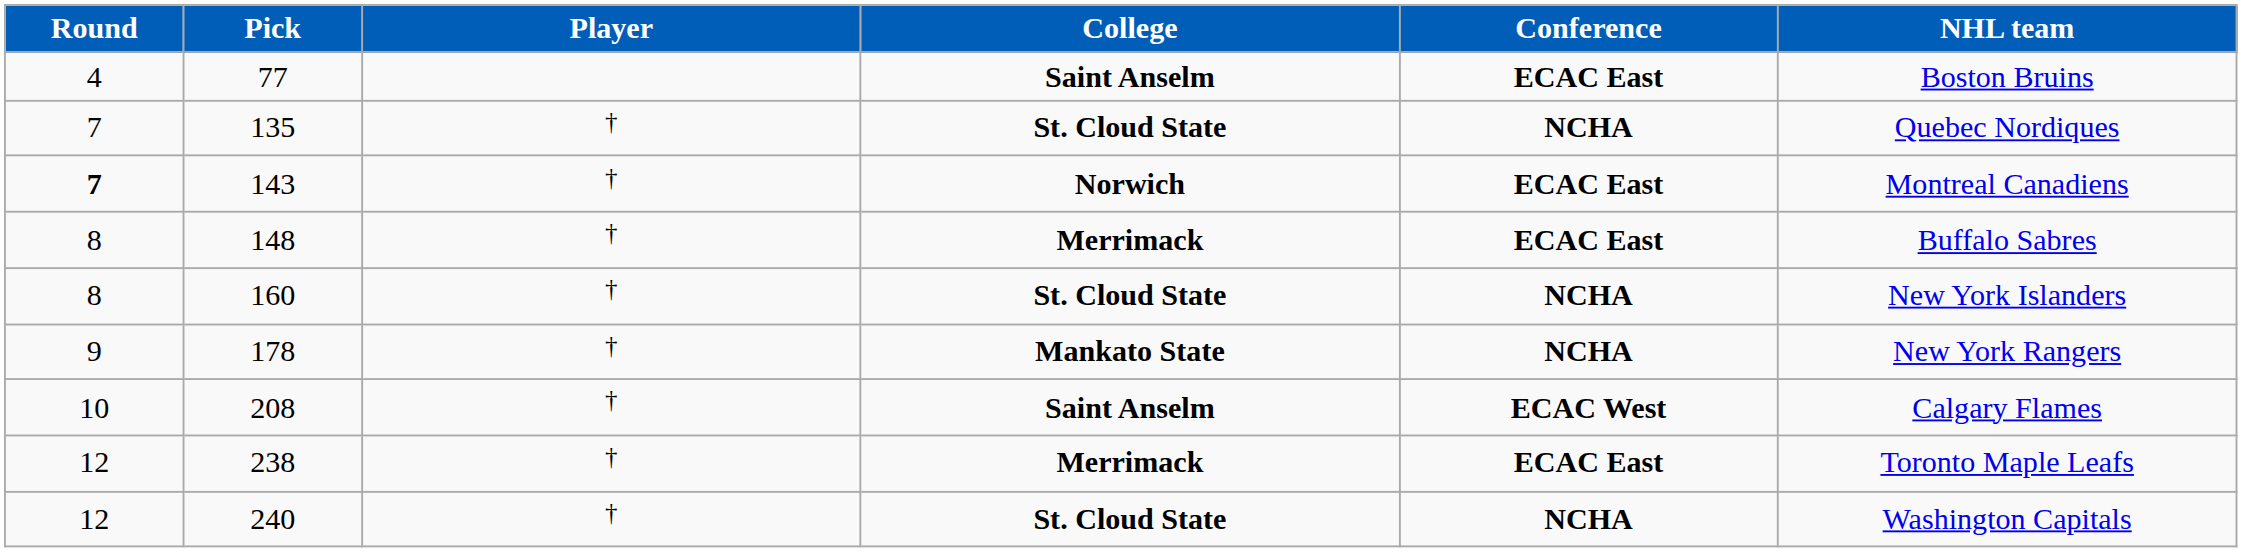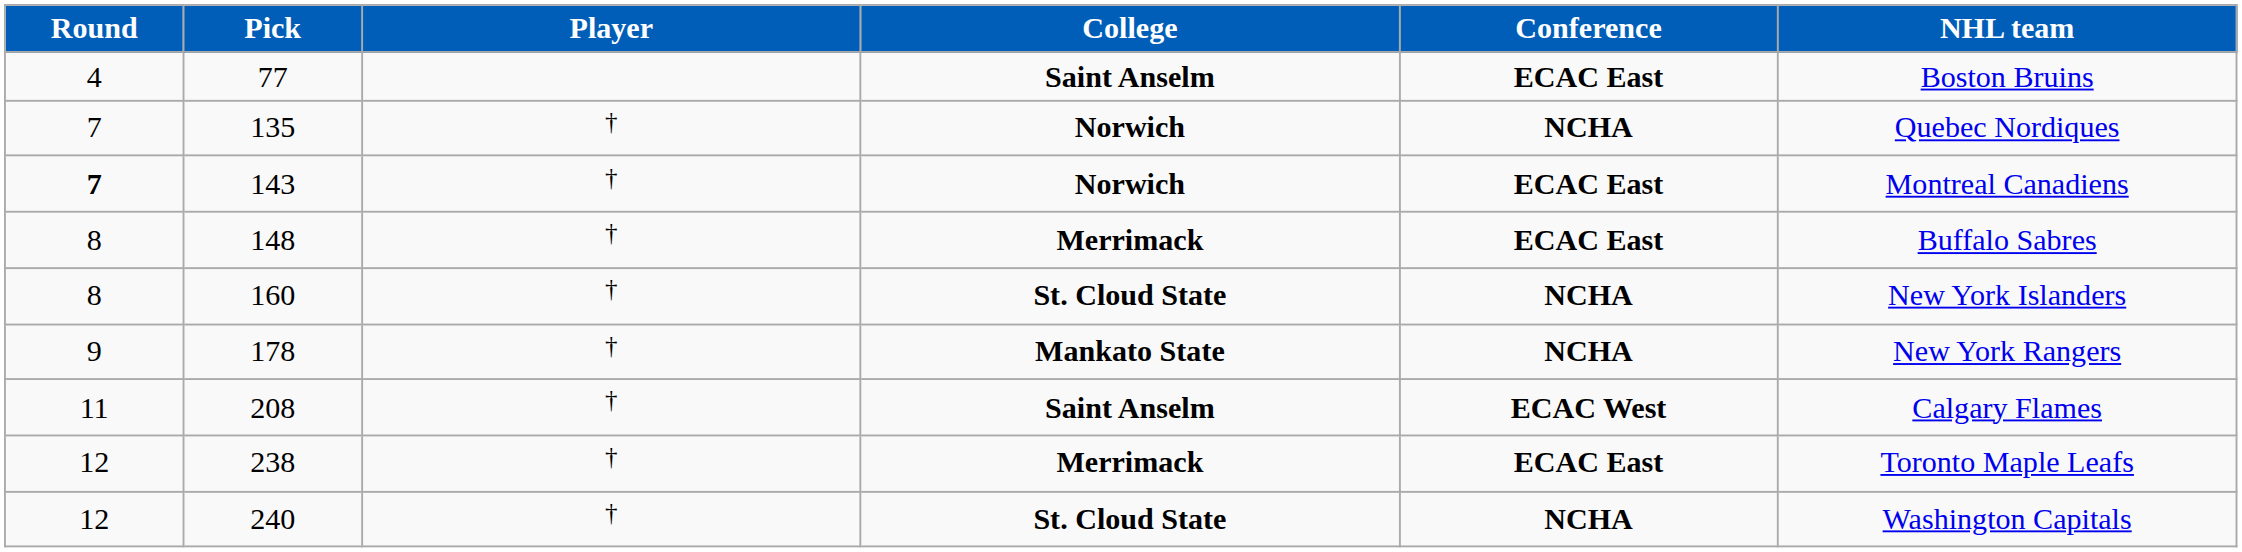 <table class="wikitable sortable" width="75%">
 <tr>
 <th style="color:white; background-color:#005EB8; width: 4em;">Round</th>
 <th style="color:white; background-color:#005EB8; width: 4em;">Pick</th>
 <th style="color:white; background-color:#005EB8; width: 12em;">Player</th>
 <th style="color:white; background-color:#005EB8; width: 13em;">College</th>
 <th style="color:white; background-color:#005EB8; width: 9em;">Conference</th>
 <th style="color:white; background-color:#005EB8; width: 11em;">NHL team</th>
 </tr>
 <tr align="center" bgcolor="">
 <td>4</td>
 <td>77</td>
 <td></td>
 <td><strong>Saint Anselm</strong></td>
 <td><strong>ECAC East</strong></td>
 <td><a href='#'>Boston Bruins</a></td>
 </tr>
 <tr align="center" bgcolor="">
 <td>7</td>
 <td>135</td>
 <td> <sup>†</sup></td>
-<td><strong>St. Cloud State</strong></td>
+<td><strong>Norwich</strong></td>
 <td><strong>NCHA</strong></td>
 <td><a href='#'>Quebec Nordiques</a></td>
 </tr>
 <tr align="center" bgcolor="">
 <td><strong>7</strong></td>
 <td>143</td>
 <td> <sup>†</sup></td>
 <td><strong>Norwich</strong></td>
 <td><strong>ECAC East</strong></td>
 <td><a href='#'>Montreal Canadiens</a></td>
 </tr>
 <tr align="center" bgcolor="">
 <td>8</td>
 <td>148</td>
 <td> <sup>†</sup></td>
 <td><strong>Merrimack</strong></td>
 <td><strong>ECAC East</strong></td>
 <td><a href='#'>Buffalo Sabres</a></td>
 </tr>
 <tr align="center" bgcolor="">
 <td>8</td>
 <td>160</td>
 <td> <sup>†</sup></td>
 <td><strong>St. Cloud State</strong></td>
 <td><strong>NCHA</strong></td>
 <td><a href='#'>New York Islanders</a></td>
 </tr>
 <tr align="center" bgcolor="">
 <td>9</td>
 <td>178</td>
 <td> <sup>†</sup></td>
 <td><strong>Mankato State</strong></td>
 <td><strong>NCHA</strong></td>
 <td><a href='#'>New York Rangers</a></td>
 </tr>
 <tr align="center" bgcolor="">
-<td>10</td>
+<td>11</td>
 <td>208</td>
 <td> <sup>†</sup></td>
 <td><strong>Saint Anselm</strong></td>
 <td><strong>ECAC West</strong></td>
 <td><a href='#'>Calgary Flames</a></td>
 </tr>
 <tr align="center" bgcolor="">
 <td>12</td>
 <td>238</td>
 <td> <sup>†</sup></td>
 <td><strong>Merrimack</strong></td>
 <td><strong>ECAC East</strong></td>
 <td><a href='#'>Toronto Maple Leafs</a></td>
 </tr>
 <tr align="center" bgcolor="">
 <td>12</td>
 <td>240</td>
 <td> <sup>†</sup></td>
 <td><strong>St. Cloud State</strong></td>
 <td><strong>NCHA</strong></td>
 <td><a href='#'>Washington Capitals</a></td>
 </tr>
 </table>
